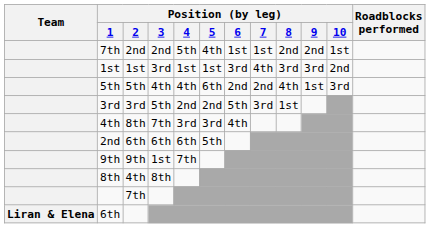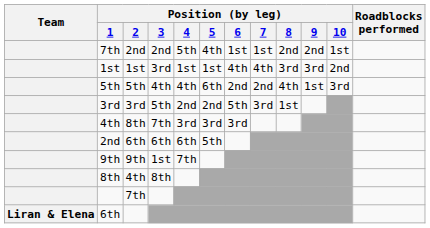 <table class="wikitable">
 <tr>
 <th rowspan=2>Team</th>
 <th colspan=10>Position (by leg)</th>
 <th rowspan=2>Roadblocks<br>performed</th>
 </tr>
 <tr>
 <th><a href='#'>1</a></th>
 <th><a href='#'>2</a></th>
 <th><a href='#'>3</a></th>
 <th><a href='#'>4</a></th>
 <th><a href='#'>5</a></th>
 <th><a href='#'>6</a></th>
 <th><a href='#'>7</a></th>
 <th><a href='#'>8</a></th>
 <th><a href='#'>9</a></th>
 <th><a href='#'>10</a></th>
 </tr>
 <tr>
 <th></th>
 <td>7th</td>
 <td>2nd</td>
 <td>2nd</td>
 <td>5th</td>
 <td>4th</td>
 <td>1st</td>
 <td>1st</td>
 <td>2nd</td>
 <td>2nd</td>
 <td>1st</td>
 <td></td>
 </tr>
 <tr>
 <th></th>
 <td>1st</td>
 <td>1st</td>
 <td>3rd</td>
 <td>1st</td>
 <td>1st</td>
-<td>3rd</td>
+<td>4th</td>
 <td>4th</td>
 <td>3rd</td>
 <td>3rd</td>
 <td>2nd</td>
 <td></td>
 </tr>
 <tr>
 <th></th>
 <td>5th</td>
 <td>5th</td>
 <td>4th</td>
 <td>4th</td>
 <td>6th</td>
 <td>2nd</td>
 <td>2nd</td>
 <td>4th</td>
 <td>1st</td>
 <td>3rd</td>
 <td></td>
 </tr>
 <tr>
 <th></th>
 <td>3rd</td>
 <td>3rd</td>
 <td>5th</td>
 <td>2nd</td>
 <td>2nd</td>
 <td>5th</td>
 <td>3rd</td>
 <td>1st</td>
 <td></td>
 <td colspan=1 bgcolor=darkgray></td>
 <td></td>
 </tr>
 <tr>
 <th></th>
 <td>4th</td>
 <td>8th</td>
 <td>7th</td>
 <td>3rd</td>
 <td>3rd</td>
-<td>4th</td>
+<td>3rd</td>
 <td></td>
 <td></td>
 <td colspan=2 bgcolor=darkgray></td>
 <td></td>
 </tr>
 <tr>
 <th></th>
 <td>2nd</td>
 <td>6th</td>
 <td>6th</td>
 <td>6th</td>
 <td>5th</td>
 <td></td>
 <td colspan=4 bgcolor=darkgray></td>
 <td></td>
 </tr>
 <tr>
 <th></th>
 <td>9th</td>
 <td>9th</td>
 <td>1st</td>
 <td>7th</td>
 <td></td>
 <td colspan=5 bgcolor=darkgray></td>
 <td></td>
 </tr>
 <tr>
 <th></th>
 <td>8th</td>
 <td>4th</td>
 <td>8th</td>
 <td></td>
 <td colspan=6 bgcolor=darkgray></td>
 <td></td>
 </tr>
 <tr>
 <th></th>
 <td></td>
 <td>7th</td>
 <td></td>
 <td colspan=7 bgcolor=darkgray></td>
 <td></td>
 </tr>
 <tr>
 <th>Liran & Elena</th>
 <td>6th</td>
 <td></td>
 <td colspan=8 bgcolor=darkgray></td>
 <td></td>
 </tr>
 </table>
